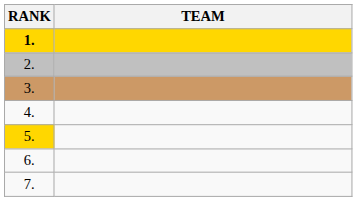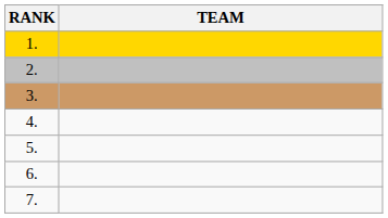 <table class="wikitable" style="border-collapse: collapse; font-size: 90%;">
 <tr>
 <th>RANK</th>
 <th align="center" style="width: 20em">TEAM</th>
 </tr>
 <tr bgcolor=gold>
-<td align="center"><strong>1.</strong></td>
+<td align="center">1.</td>
 <td> </td>
 </tr>
 <tr bgcolor=silver>
 <td align="center">2.</td>
 <td></td>
 </tr>
 <tr bgcolor=#cc9966>
 <td align="center">3.</td>
 <td></td>
 </tr>
 <tr>
 <td align="center">4.</td>
 <td></td>
 </tr>
 <tr>
-<td align="center" style="background: gold;">5.</td>
+<td align="center">5.</td>
 <td></td>
 </tr>
 <tr>
 <td align="center">6.</td>
 <td></td>
 </tr>
 <tr>
 <td align="center">7.</td>
 <td></td>
 </tr>
 </table>
